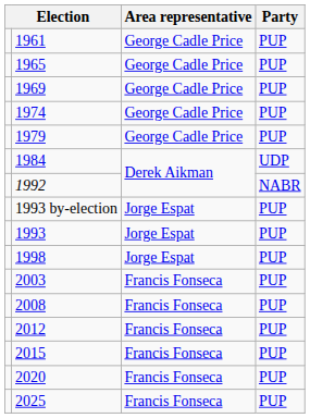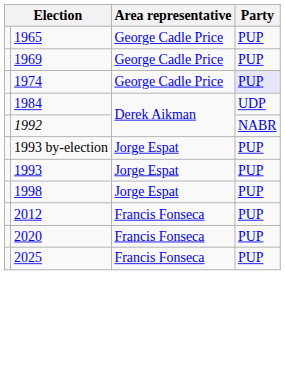 <table class="wikitable">
 <tr>
 <th colspan="2">Election</th>
 <th>Area representative</th>
 <th>Party</th>
-</tr>
-<tr>
-<td style="background-color: "></td>
-<td><a href='#'>1961</a></td>
-<td><a href='#'>George Cadle Price</a></td>
-<td><a href='#'>PUP</a></td>
 </tr>
 <tr>
 <td style="background-color: "></td>
 <td><a href='#'>1965</a></td>
 <td><a href='#'>George Cadle Price</a></td>
 <td><a href='#'>PUP</a></td>
 </tr>
 <tr>
 <td style="background-color: "></td>
 <td><a href='#'>1969</a></td>
 <td><a href='#'>George Cadle Price</a></td>
 <td><a href='#'>PUP</a></td>
 </tr>
 <tr>
 <td style="background-color: "></td>
 <td><a href='#'>1974</a></td>
 <td><a href='#'>George Cadle Price</a></td>
-<td><a href='#'>PUP</a></td>
-</tr>
-<tr>
-<td style="background-color: "></td>
-<td><a href='#'>1979</a></td>
-<td><a href='#'>George Cadle Price</a></td>
-<td><a href='#'>PUP</a></td>
+<td style="background: lavender;"><a href='#'>PUP</a></td>
 </tr>
 <tr>
 <td style="background-color: "></td>
 <td><a href='#'>1984</a></td>
 <td rowspan="2"><a href='#'>Derek Aikman</a></td>
 <td><a href='#'>UDP</a></td>
 </tr>
 <tr>
 <td style="background-color: "></td>
 <td><em>1992</em></td>
 <td><a href='#'>NABR</a></td>
 </tr>
 <tr>
 <td style="background-color: "></td>
 <td>1993 by-election</td>
 <td><a href='#'>Jorge Espat</a></td>
 <td><a href='#'>PUP</a></td>
 </tr>
 <tr>
 <td style="background-color: "></td>
 <td><a href='#'>1993</a></td>
 <td><a href='#'>Jorge Espat</a></td>
 <td><a href='#'>PUP</a></td>
 </tr>
 <tr>
 <td style="background-color: "></td>
 <td><a href='#'>1998</a></td>
 <td><a href='#'>Jorge Espat</a></td>
 <td><a href='#'>PUP</a></td>
 </tr>
 <tr>
 <td style="background-color: "></td>
-<td><a href='#'>2003</a></td>
-<td><a href='#'>Francis Fonseca</a></td>
-<td><a href='#'>PUP</a></td>
-</tr>
-<tr>
-<td style="background-color: "></td>
-<td><a href='#'>2008</a></td>
-<td><a href='#'>Francis Fonseca</a></td>
-<td><a href='#'>PUP</a></td>
-</tr>
-<tr>
-<td style="background-color: "></td>
 <td><a href='#'>2012</a></td>
-<td><a href='#'>Francis Fonseca</a></td>
-<td><a href='#'>PUP</a></td>
-</tr>
-<tr>
-<td style="background-color: "></td>
-<td><a href='#'>2015</a></td>
 <td><a href='#'>Francis Fonseca</a></td>
 <td><a href='#'>PUP</a></td>
 </tr>
 <tr>
 <td style="background-color: "></td>
 <td><a href='#'>2020</a></td>
 <td><a href='#'>Francis Fonseca</a></td>
 <td><a href='#'>PUP</a></td>
 </tr>
 <tr>
 <td style="background-color: "></td>
 <td><a href='#'>2025</a></td>
 <td><a href='#'>Francis Fonseca</a></td>
 <td><a href='#'>PUP</a></td>
 </tr>
 </table>
